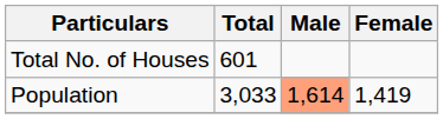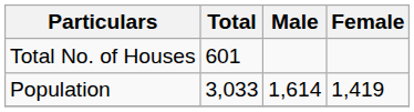 <table class="wikitable sortable">
 <tr>
 <th>Particulars</th>
 <th>Total</th>
 <th>Male</th>
 <th>Female</th>
 </tr>
 <tr>
 <td>Total No. of Houses</td>
 <td>601</td>
 <td></td>
 <td></td>
 </tr>
 <tr>
 <td>Population</td>
 <td>3,033</td>
-<td style="background: lightsalmon;">1,614</td>
+<td>1,614</td>
 <td>1,419</td>
 </tr>
 <tr>
 </tr>
 </table>
